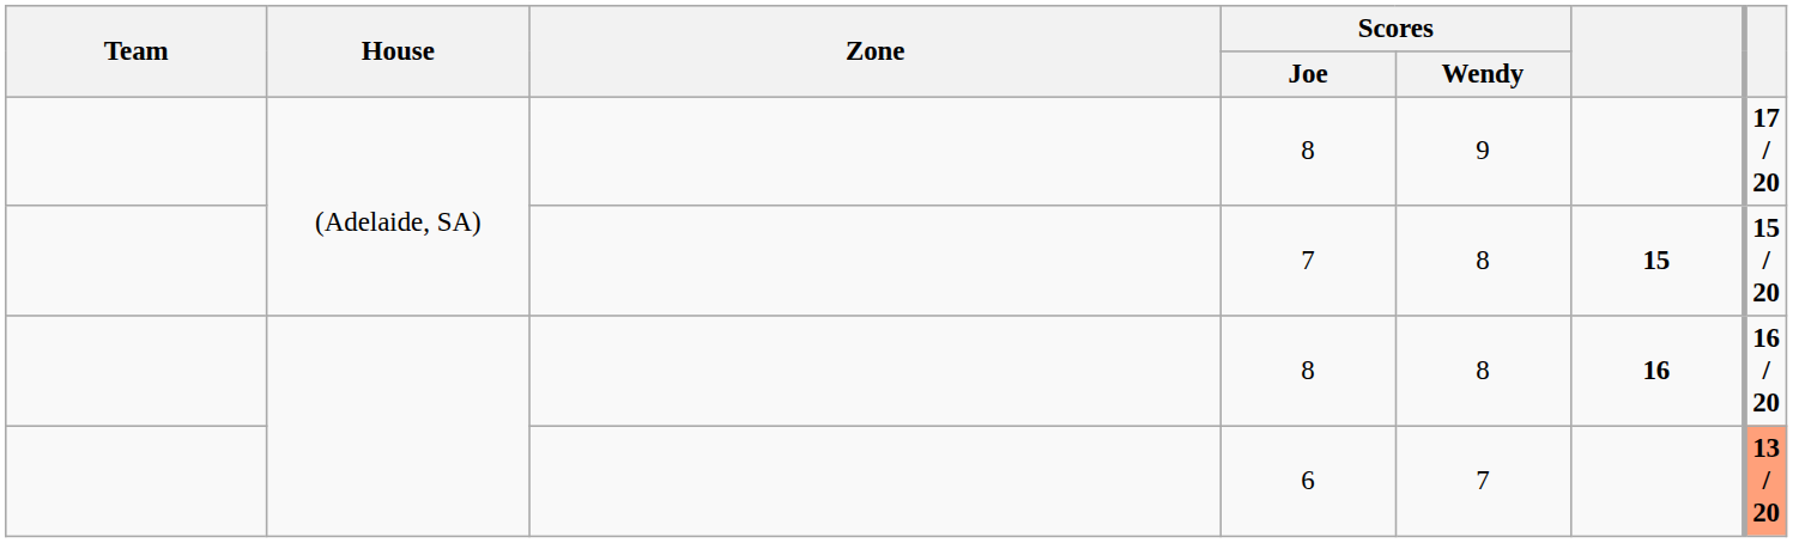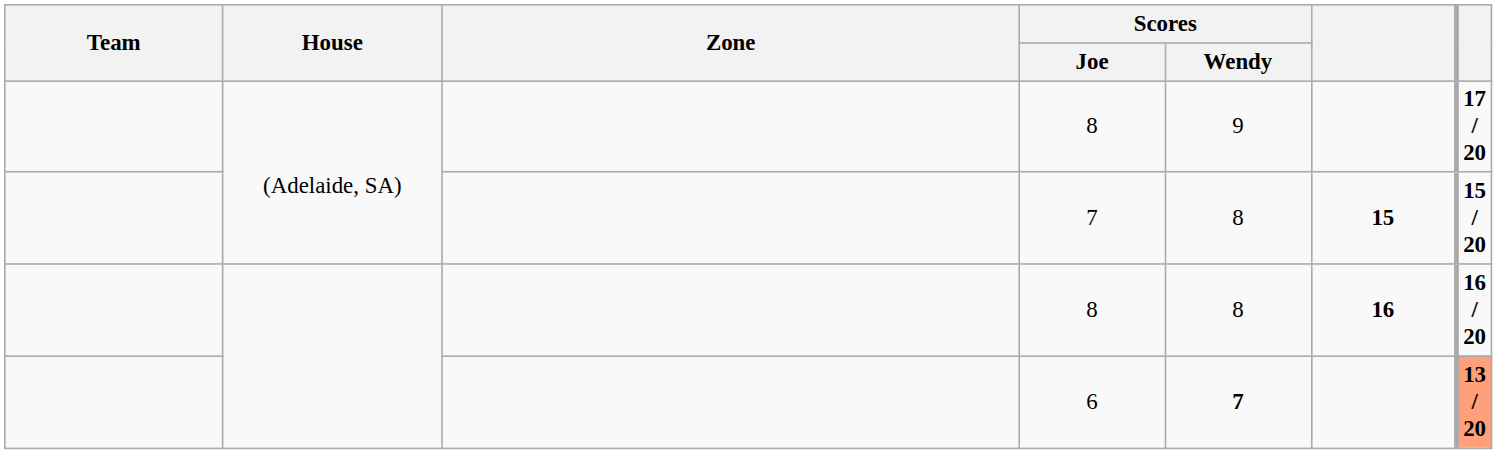 <table class="wikitable plainrowheaders" style="text-align:center; font-size:90%; width:65em;">
 <tr>
 <th rowspan="2">Team</th>
 <th rowspan="2">House</th>
 <th rowspan="2" style="width:40%;">Zone</th>
 <th colspan="2" style="width:30%;">Scores</th>
 <th rowspan="2" style="width:15%;"></th>
 <th rowspan="2" style="width:15%; border-left:3px solid #aaa;"></th>
 </tr>
 <tr>
 <th style="width:10%;">Joe</th>
 <th style="width:10%;">Wendy</th>
 </tr>
 <tr>
 <td style="width:15%;"></td>
 <td rowspan=2 style="width:15%;"><br>(Adelaide, SA)</td>
 <td></td>
 <td>8</td>
 <td>9</td>
 <td></td>
 <td style="border-left:3px solid #aaa;"><strong>17 / 20</strong></td>
 </tr>
 <tr>
 <td style="width:15%;"></td>
 <td></td>
 <td>7</td>
 <td>8</td>
 <td><strong>15</strong></td>
 <td style="border-left:3px solid #aaa;"><strong>15 / 20</strong></td>
 </tr>
 <tr>
 <td style="width:15%;"></td>
 <td rowspan=2 style="width:15%;"><br></td>
 <td></td>
 <td>8</td>
 <td>8</td>
 <td><strong>16</strong></td>
 <td style="border-left:3px solid #aaa;"><strong>16 / 20</strong></td>
 </tr>
 <tr>
 <td style="width:15%;"></td>
 <td></td>
 <td>6</td>
-<td>7</td>
+<td><strong>7</strong></td>
 <td></td>
 <td style="background: lightsalmon; border-left:3px solid #aaa;"><strong>13 / 20</strong></td>
 </tr>
 </table>
